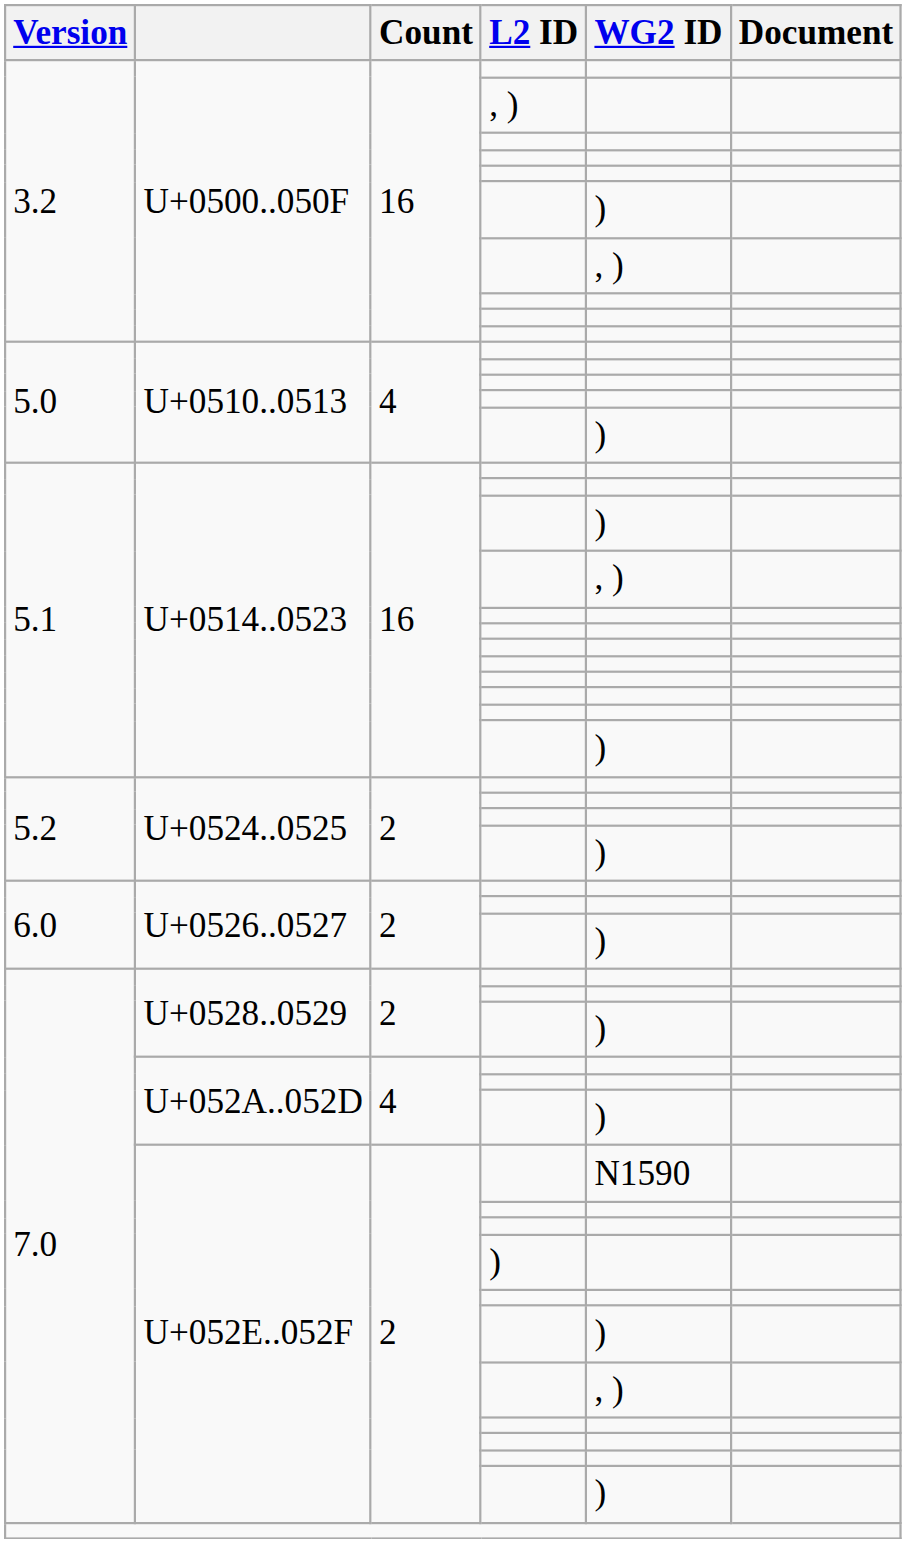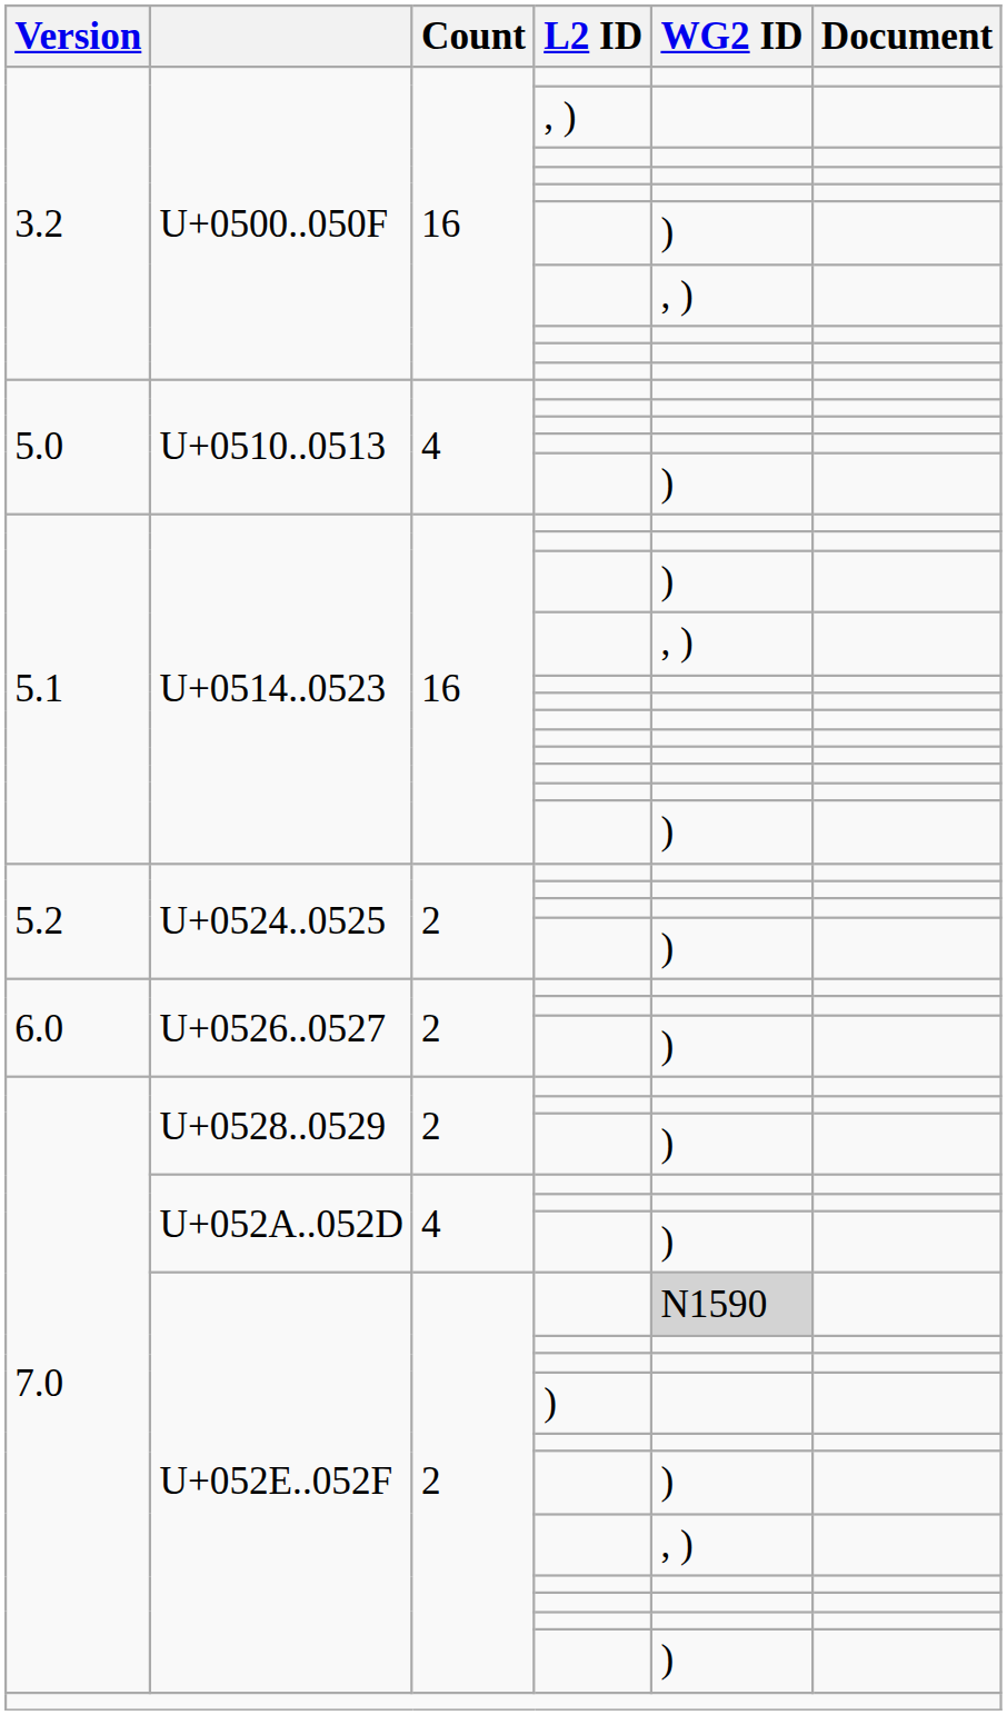 <table class="wikitable collapsible sticky-header">
 <tr>
 <th><a href='#'>Version</a></th>
 <th></th>
 <th>Count</th>
 <th><a href='#'>L2</a> ID</th>
 <th><a href='#'>WG2</a> ID</th>
 <th>Document</th>
 </tr>
 <tr>
 <td rowspan="10">3.2</td>
 <td rowspan="10">U+0500..050F</td>
 <td rowspan="10">16</td>
 <td></td>
 <td></td>
 <td></td>
 </tr>
 <tr>
 <td> , )</td>
 <td></td>
 <td></td>
 </tr>
 <tr>
 <td></td>
 <td></td>
 <td></td>
 </tr>
 <tr>
 <td></td>
 <td></td>
 <td></td>
 </tr>
 <tr>
 <td></td>
 <td></td>
 <td></td>
 </tr>
 <tr>
 <td></td>
 <td> )</td>
 <td></td>
 </tr>
 <tr>
 <td></td>
 <td> , )</td>
 <td></td>
 </tr>
 <tr>
 <td></td>
 <td></td>
 <td></td>
 </tr>
 <tr>
 <td></td>
 <td></td>
 <td></td>
 </tr>
 <tr>
 <td></td>
 <td></td>
 <td></td>
 </tr>
 <tr>
 <td rowspan="5">5.0</td>
 <td rowspan="5">U+0510..0513</td>
 <td rowspan="5">4</td>
 <td></td>
 <td></td>
 <td></td>
 </tr>
 <tr>
 <td></td>
 <td></td>
 <td></td>
 </tr>
 <tr>
 <td></td>
 <td></td>
 <td></td>
 </tr>
 <tr>
 <td></td>
 <td></td>
 <td></td>
 </tr>
 <tr>
 <td></td>
 <td> )</td>
 <td></td>
 </tr>
 <tr>
 <td rowspan="12">5.1</td>
 <td rowspan="12">U+0514..0523</td>
 <td rowspan="12">16</td>
 <td></td>
 <td></td>
 <td></td>
 </tr>
 <tr>
 <td></td>
 <td></td>
 <td></td>
 </tr>
 <tr>
 <td></td>
 <td> )</td>
 <td></td>
 </tr>
 <tr>
 <td></td>
 <td> , )</td>
 <td></td>
 </tr>
 <tr>
 <td></td>
 <td></td>
 <td></td>
 </tr>
 <tr>
 <td></td>
 <td></td>
 <td></td>
 </tr>
 <tr>
 <td></td>
 <td></td>
 <td></td>
 </tr>
 <tr>
 <td></td>
 <td></td>
 <td></td>
 </tr>
 <tr>
 <td></td>
 <td></td>
 <td></td>
 </tr>
 <tr>
 <td></td>
 <td></td>
 <td></td>
 </tr>
 <tr>
 <td></td>
 <td></td>
 <td></td>
 </tr>
 <tr>
 <td></td>
 <td> )</td>
 <td></td>
 </tr>
 <tr>
 <td rowspan="4">5.2</td>
 <td rowspan="4">U+0524..0525</td>
 <td rowspan="4">2</td>
 <td></td>
 <td></td>
 <td></td>
 </tr>
 <tr>
 <td></td>
 <td></td>
 <td></td>
 </tr>
 <tr>
 <td></td>
 <td></td>
 <td></td>
 </tr>
 <tr>
 <td></td>
 <td> )</td>
 <td></td>
 </tr>
 <tr>
 <td rowspan="3">6.0</td>
 <td rowspan="3">U+0526..0527</td>
 <td rowspan="3">2</td>
 <td></td>
 <td></td>
 <td></td>
 </tr>
 <tr>
 <td></td>
 <td></td>
 <td></td>
 </tr>
 <tr>
 <td></td>
 <td> )</td>
 <td></td>
 </tr>
 <tr>
 <td rowspan="17">7.0</td>
 <td rowspan="3">U+0528..0529</td>
 <td rowspan="3">2</td>
 <td></td>
 <td></td>
 <td></td>
 </tr>
 <tr>
 <td></td>
 <td></td>
 <td></td>
 </tr>
 <tr>
 <td></td>
 <td> )</td>
 <td></td>
 </tr>
 <tr>
 <td rowspan="3">U+052A..052D</td>
 <td rowspan="3">4</td>
 <td></td>
 <td></td>
 <td></td>
 </tr>
 <tr>
 <td></td>
 <td></td>
 <td></td>
 </tr>
 <tr>
 <td></td>
 <td> )</td>
 <td></td>
 </tr>
 <tr>
 <td rowspan="11">U+052E..052F</td>
 <td rowspan="11">2</td>
 <td></td>
-<td>N1590</td>
+<td style="background: lightgrey;">N1590</td>
 <td></td>
 </tr>
 <tr>
 <td></td>
 <td></td>
 <td></td>
 </tr>
 <tr>
 <td></td>
 <td></td>
 <td></td>
 </tr>
 <tr>
 <td> )</td>
 <td></td>
 <td></td>
 </tr>
 <tr>
 <td></td>
 <td></td>
 <td></td>
 </tr>
 <tr>
 <td></td>
 <td> )</td>
 <td></td>
 </tr>
 <tr>
 <td></td>
 <td> , )</td>
 <td></td>
 </tr>
 <tr>
 <td></td>
 <td></td>
 <td></td>
 </tr>
 <tr>
 <td></td>
 <td></td>
 <td></td>
 </tr>
 <tr>
 <td></td>
 <td></td>
 <td></td>
 </tr>
 <tr>
 <td></td>
 <td> )</td>
 <td></td>
 </tr>
 <tr class="sortbottom">
 <td colspan="6"></td>
 </tr>
 </table>
